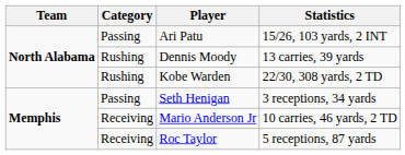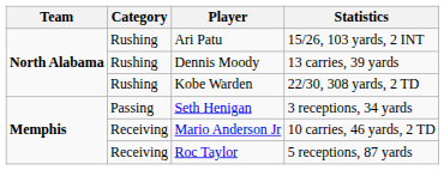 <table class="wikitable" style="float: right;">
 <tr>
 <th>Team</th>
 <th>Category</th>
 <th>Player</th>
 <th>Statistics</th>
 </tr>
 <tr>
 <td rowspan=3><strong>North Alabama</strong></td>
-<td>Passing</td>
+<td>Rushing</td>
 <td>Ari Patu</td>
 <td>15/26, 103 yards, 2 INT</td>
 </tr>
 <tr>
 <td>Rushing</td>
 <td>Dennis Moody</td>
 <td>13 carries, 39 yards</td>
 </tr>
 <tr>
 <td>Rushing</td>
 <td>Kobe Warden</td>
 <td>22/30, 308 yards, 2 TD</td>
 </tr>
 <tr>
 <td rowspan=3><strong>Memphis</strong></td>
 <td>Passing</td>
 <td><a href='#'>Seth Henigan</a></td>
 <td>3 receptions, 34 yards</td>
 </tr>
 <tr>
 <td>Receiving</td>
 <td><a href='#'>Mario Anderson Jr</a></td>
 <td>10 carries, 46 yards, 2 TD</td>
 </tr>
 <tr>
 <td>Receiving</td>
 <td><a href='#'>Roc Taylor</a></td>
 <td>5 receptions, 87 yards</td>
 </tr>
 </table>
